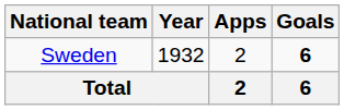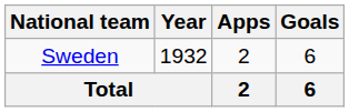 <table class="wikitable" style="text-align:center">
 <tr>
 <th>National team</th>
 <th>Year</th>
 <th>Apps</th>
 <th>Goals</th>
 </tr>
 <tr>
 <td><a href='#'>Sweden</a></td>
 <td>1932</td>
 <td>2</td>
-<td><strong>6</strong></td>
+<td>6</td>
 </tr>
 <tr>
 <th colspan="2">Total</th>
 <th>2</th>
 <th>6</th>
 </tr>
 </table>
